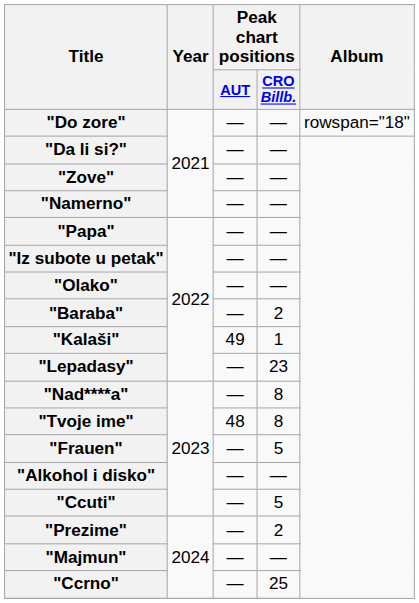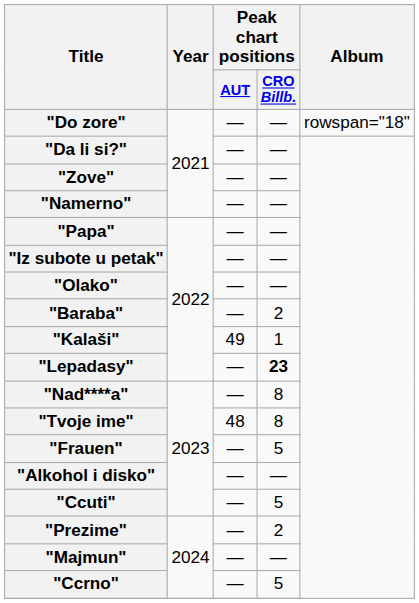 <table class="wikitable plainrowheaders" style="text-align:center;">
 <tr>
 <th rowspan="2" scope="col">Title</th>
 <th rowspan="2" scope="col">Year</th>
 <th colspan="2">Peak chart positions</th>
 <th rowspan="2" scope="col">Album</th>
 </tr>
 <tr>
 <th style="width:2.5em; font-size:85%"><a href='#'>AUT</a><br></th>
 <th style="width:2.5em; font-size:85%"><a href='#'>CRO<br><em>Billb.</em></a><br></th>
 </tr>
 <tr>
 <th scope="row">"Do zore"</th>
 <td rowspan="4">2021</td>
 <td>—</td>
 <td>—</td>
 <td>rowspan="18" </td>
 </tr>
 <tr>
 <th scope="row">"Da li si?"</th>
 <td>—</td>
 <td>—</td>
 </tr>
 <tr>
 <th scope="row">"Zove"</th>
 <td>—</td>
 <td>—</td>
 </tr>
 <tr>
 <th scope="row">"Namerno"<br></th>
 <td>—</td>
 <td>—</td>
 </tr>
 <tr>
 <th scope="row">"Papa"</th>
 <td rowspan="6">2022</td>
 <td>—</td>
 <td>—</td>
 </tr>
 <tr>
 <th scope="row">"Iz subote u petak"</th>
 <td>—</td>
 <td>—</td>
 </tr>
 <tr>
 <th scope="row">"Olako"</th>
 <td>—</td>
 <td>—</td>
 </tr>
 <tr>
 <th scope="row">"Baraba"</th>
 <td>—</td>
 <td>2</td>
 </tr>
 <tr>
 <th scope="row">"Kalaši"</th>
 <td>49</td>
 <td>1</td>
 </tr>
 <tr>
 <th scope="row">"Lepadasy"<br></th>
 <td>—</td>
-<td>23</td>
+<td><strong>23</strong></td>
 </tr>
 <tr>
 <th scope="row">"Nad****a"</th>
 <td rowspan="5">2023</td>
 <td>—</td>
 <td>8</td>
 </tr>
 <tr>
 <th scope="row">"Tvoje ime"<br></th>
 <td>48</td>
 <td>8</td>
 </tr>
 <tr>
 <th scope="row">"Frauen"<br></th>
 <td>—</td>
 <td>5</td>
 </tr>
 <tr>
 <th scope="row">"Alkohol i disko"</th>
 <td>—</td>
 <td>—</td>
 </tr>
 <tr>
 <th scope="row">"Ccuti"<br></th>
 <td>—</td>
 <td>5</td>
 </tr>
 <tr>
 <th scope="row">"Prezime"<br></th>
 <td rowspan="3">2024</td>
 <td>—</td>
 <td>2</td>
 </tr>
 <tr>
 <th scope="row">"Majmun"</th>
 <td>—</td>
 <td>—</td>
 </tr>
 <tr>
 <th scope="row">"Ccrno"<br></th>
 <td>—</td>
-<td>25</td>
+<td>5</td>
 </tr>
 <tr>
 </tr>
 </table>
